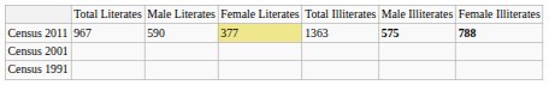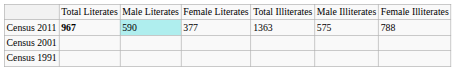 <table class="wikitable">
 <tr>
 <th></th>
 <td>Total Literates</td>
 <td>Male Literates</td>
 <td>Female Literates</td>
 <td>Total Illiterates</td>
 <td>Male Illiterates</td>
 <td>Female Illiterates</td>
 </tr>
 <tr>
 <td>Census 2011</td>
-<td>967</td>
-<td>590</td>
-<td style="background: khaki;">377</td>
+<td><strong>967</strong></td>
+<td style="background: paleturquoise;">590</td>
+<td>377</td>
 <td>1363</td>
-<td><strong>575</strong></td>
-<td><strong>788</strong></td>
+<td>575</td>
+<td>788</td>
 </tr>
 <tr>
 <td>Census 2001</td>
 <td></td>
 <td></td>
 <td></td>
 <td></td>
 <td></td>
 <td></td>
 </tr>
 <tr>
 <td>Census 1991</td>
 <td></td>
 <td></td>
 <td></td>
 <td></td>
 <td></td>
 <td></td>
 </tr>
 </table>
